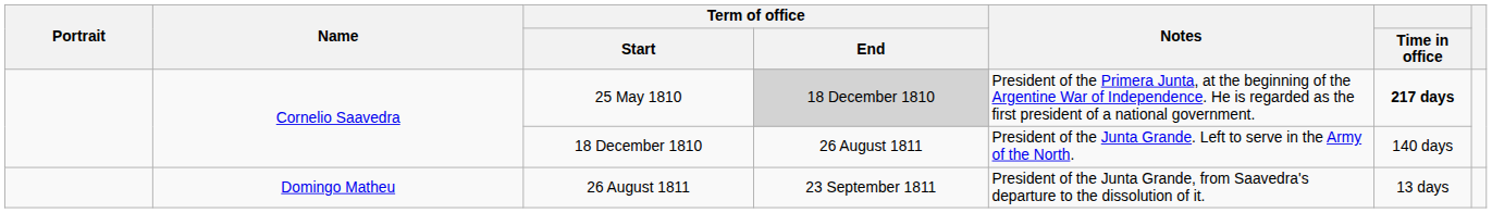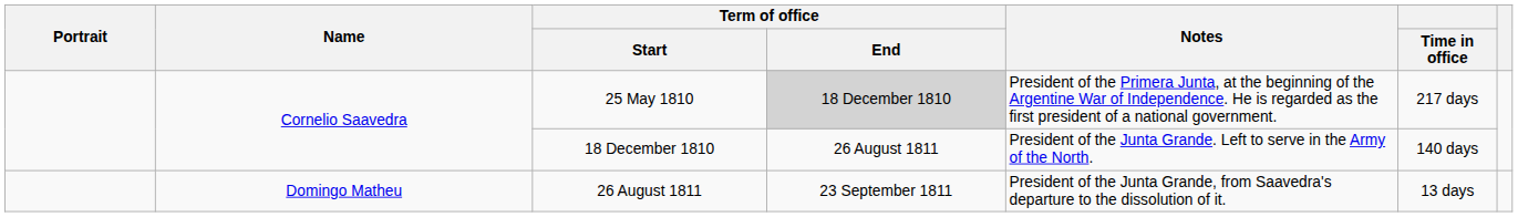 <table class="wikitable" width="100%" style="text-align: center;">
 <tr>
 <th rowspan=2 width="10%">Portrait</th>
 <th rowspan=2 width="25%">Name<br></th>
 <th colspan=2 width="31.4%">Term of office</th>
 <th rowspan=2 width="26%">Notes<br></th>
 <th></th>
 <th rowspan="2" width="1%"></th>
 </tr>
 <tr>
 <th>Start</th>
 <th>End</th>
 <th>Time in office</th>
 </tr>
 <tr>
 <td rowspan=2></td>
 <td rowspan=2><a href='#'>Cornelio Saavedra</a><br></td>
 <td>25 May 1810</td>
 <td style="background: lightgrey;">18 December 1810</td>
 <td align=left>President of the <a href='#'>Primera Junta</a>, at the beginning of the <a href='#'>Argentine War of Independence</a>. He is regarded as the first president of a national government.</td>
-<td><strong>217 days</strong></td>
+<td>217 days</td>
 <td rowspan="2"></td>
 </tr>
 <tr>
 <td>18 December 1810</td>
 <td>26 August 1811</td>
 <td align=left>President of the <a href='#'>Junta Grande</a>. Left to serve in the <a href='#'>Army of the North</a>.</td>
 <td>140 days</td>
 </tr>
 <tr>
 <td></td>
 <td><a href='#'>Domingo Matheu</a><br></td>
 <td>26 August 1811</td>
 <td>23 September 1811</td>
 <td align=left>President of the Junta Grande, from Saavedra's departure to the dissolution of it.</td>
 <td>13 days</td>
 <td></td>
 </tr>
 </table>
